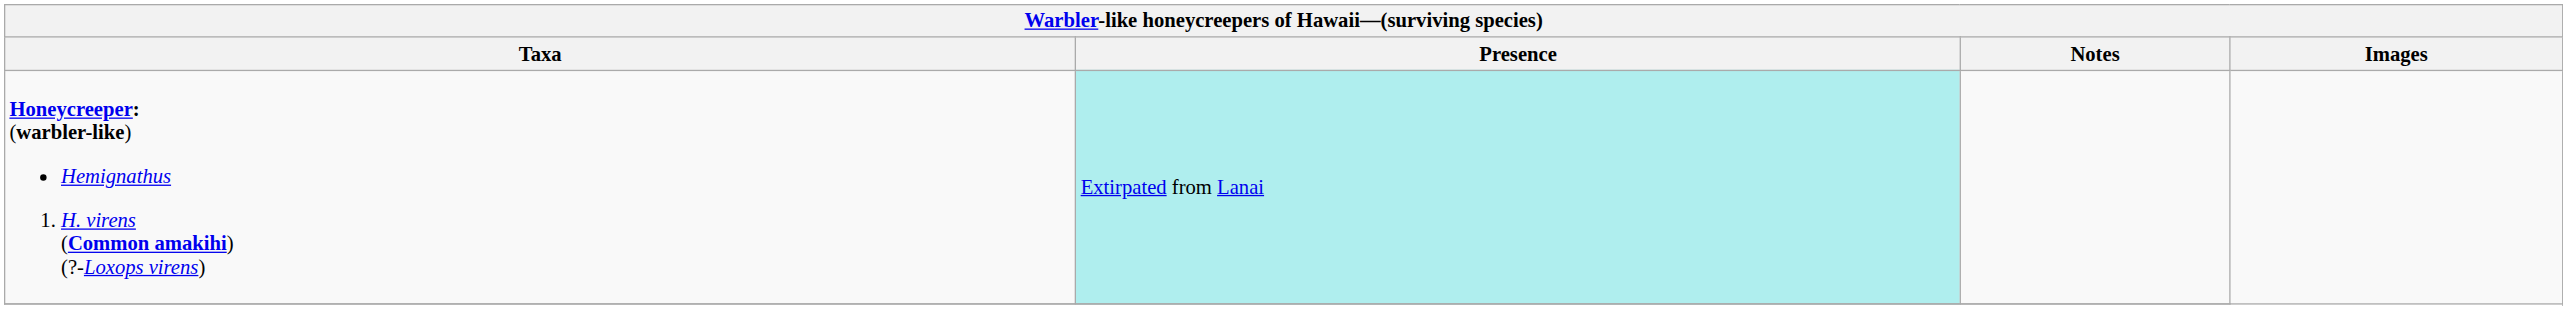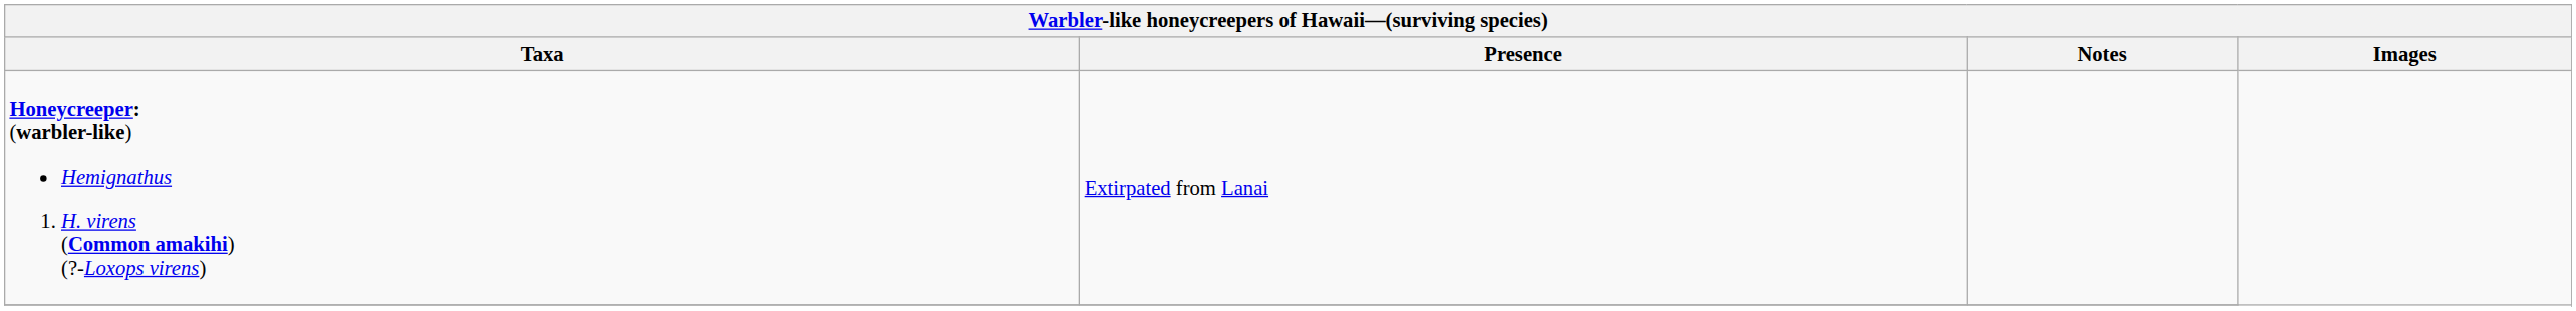 <table class="wikitable" align="center" width="100%">
 <tr>
 <th colspan="5" align="center"><a href='#'>Warbler</a>-like honeycreepers of Hawaii—(surviving species)</th>
 </tr>
 <tr>
 <th>Taxa</th>
 <th>Presence</th>
 <th>Notes</th>
 <th>Images</th>
 </tr>
 <tr>
 <td><br><strong><a href='#'>Honeycreeper</a>:</strong><br>(<strong>warbler-like</strong>)<ul><li><em><a href='#'>Hemignathus</a></em></li></ul><ol><li><em><a href='#'>H. virens</a></em><br>(<strong><a href='#'>Common amakihi</a></strong>)<br>(?-<em><a href='#'>Loxops virens</a></em>)</li></ol></td>
-<td style="background: paleturquoise;"><a href='#'>Extirpated</a> from <a href='#'>Lanai</a></td>
+<td><a href='#'>Extirpated</a> from <a href='#'>Lanai</a></td>
 <td></td>
 <td rowspan="99"><br></td>
 </tr>
 <tr>
 </tr>
 </table>
